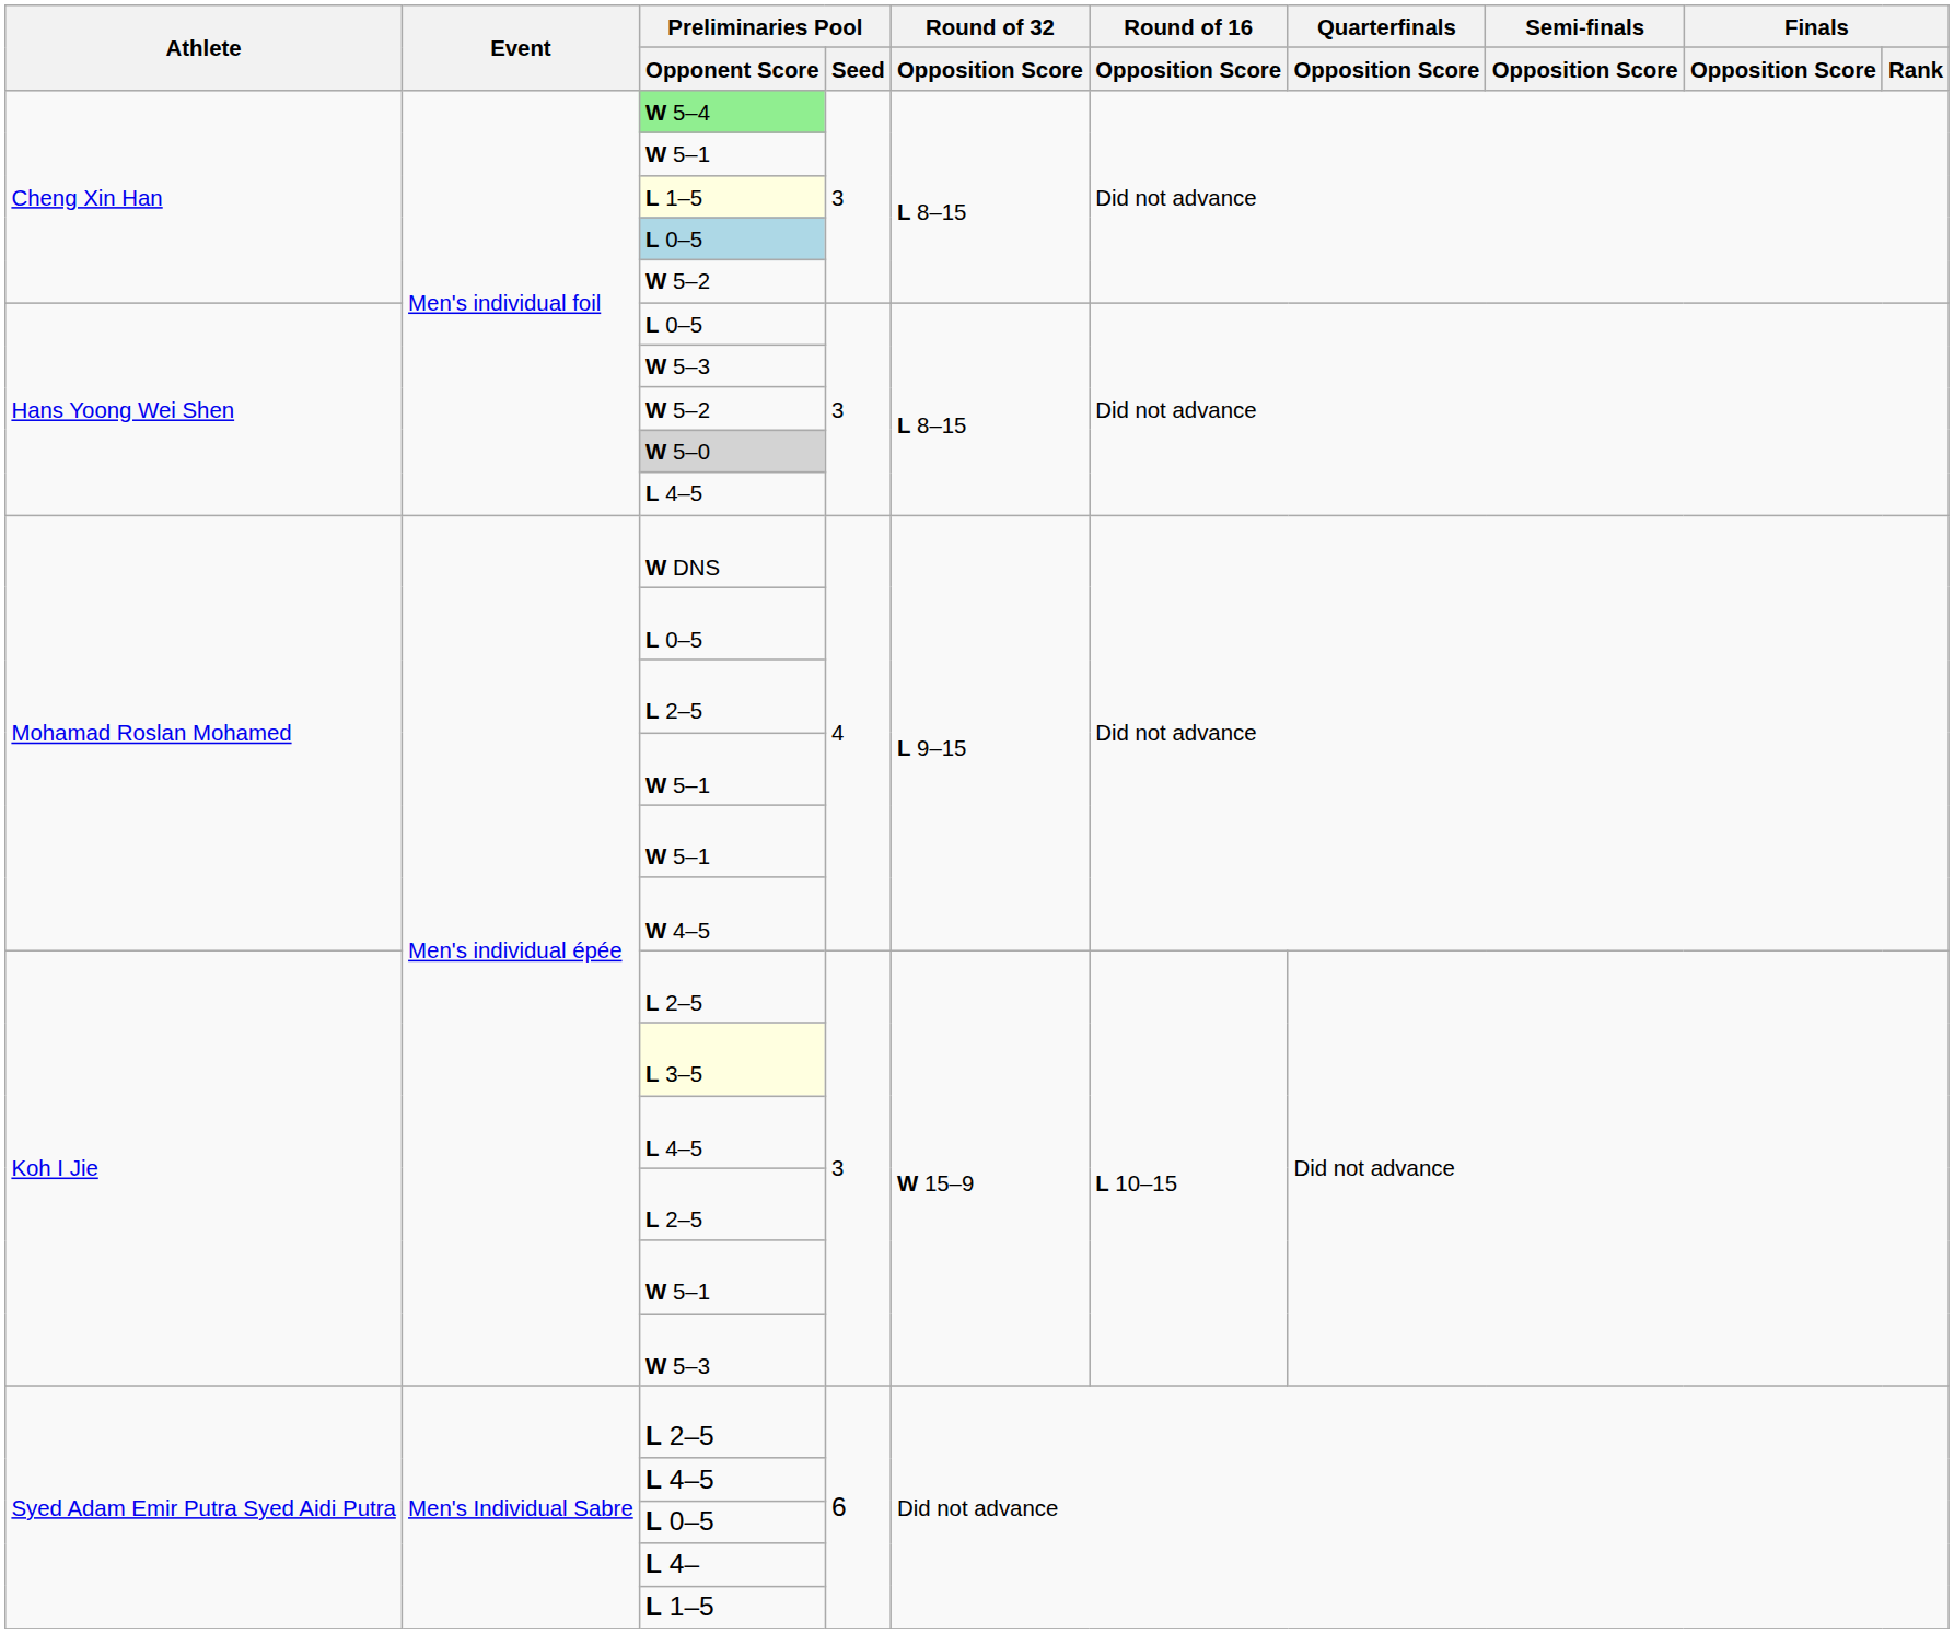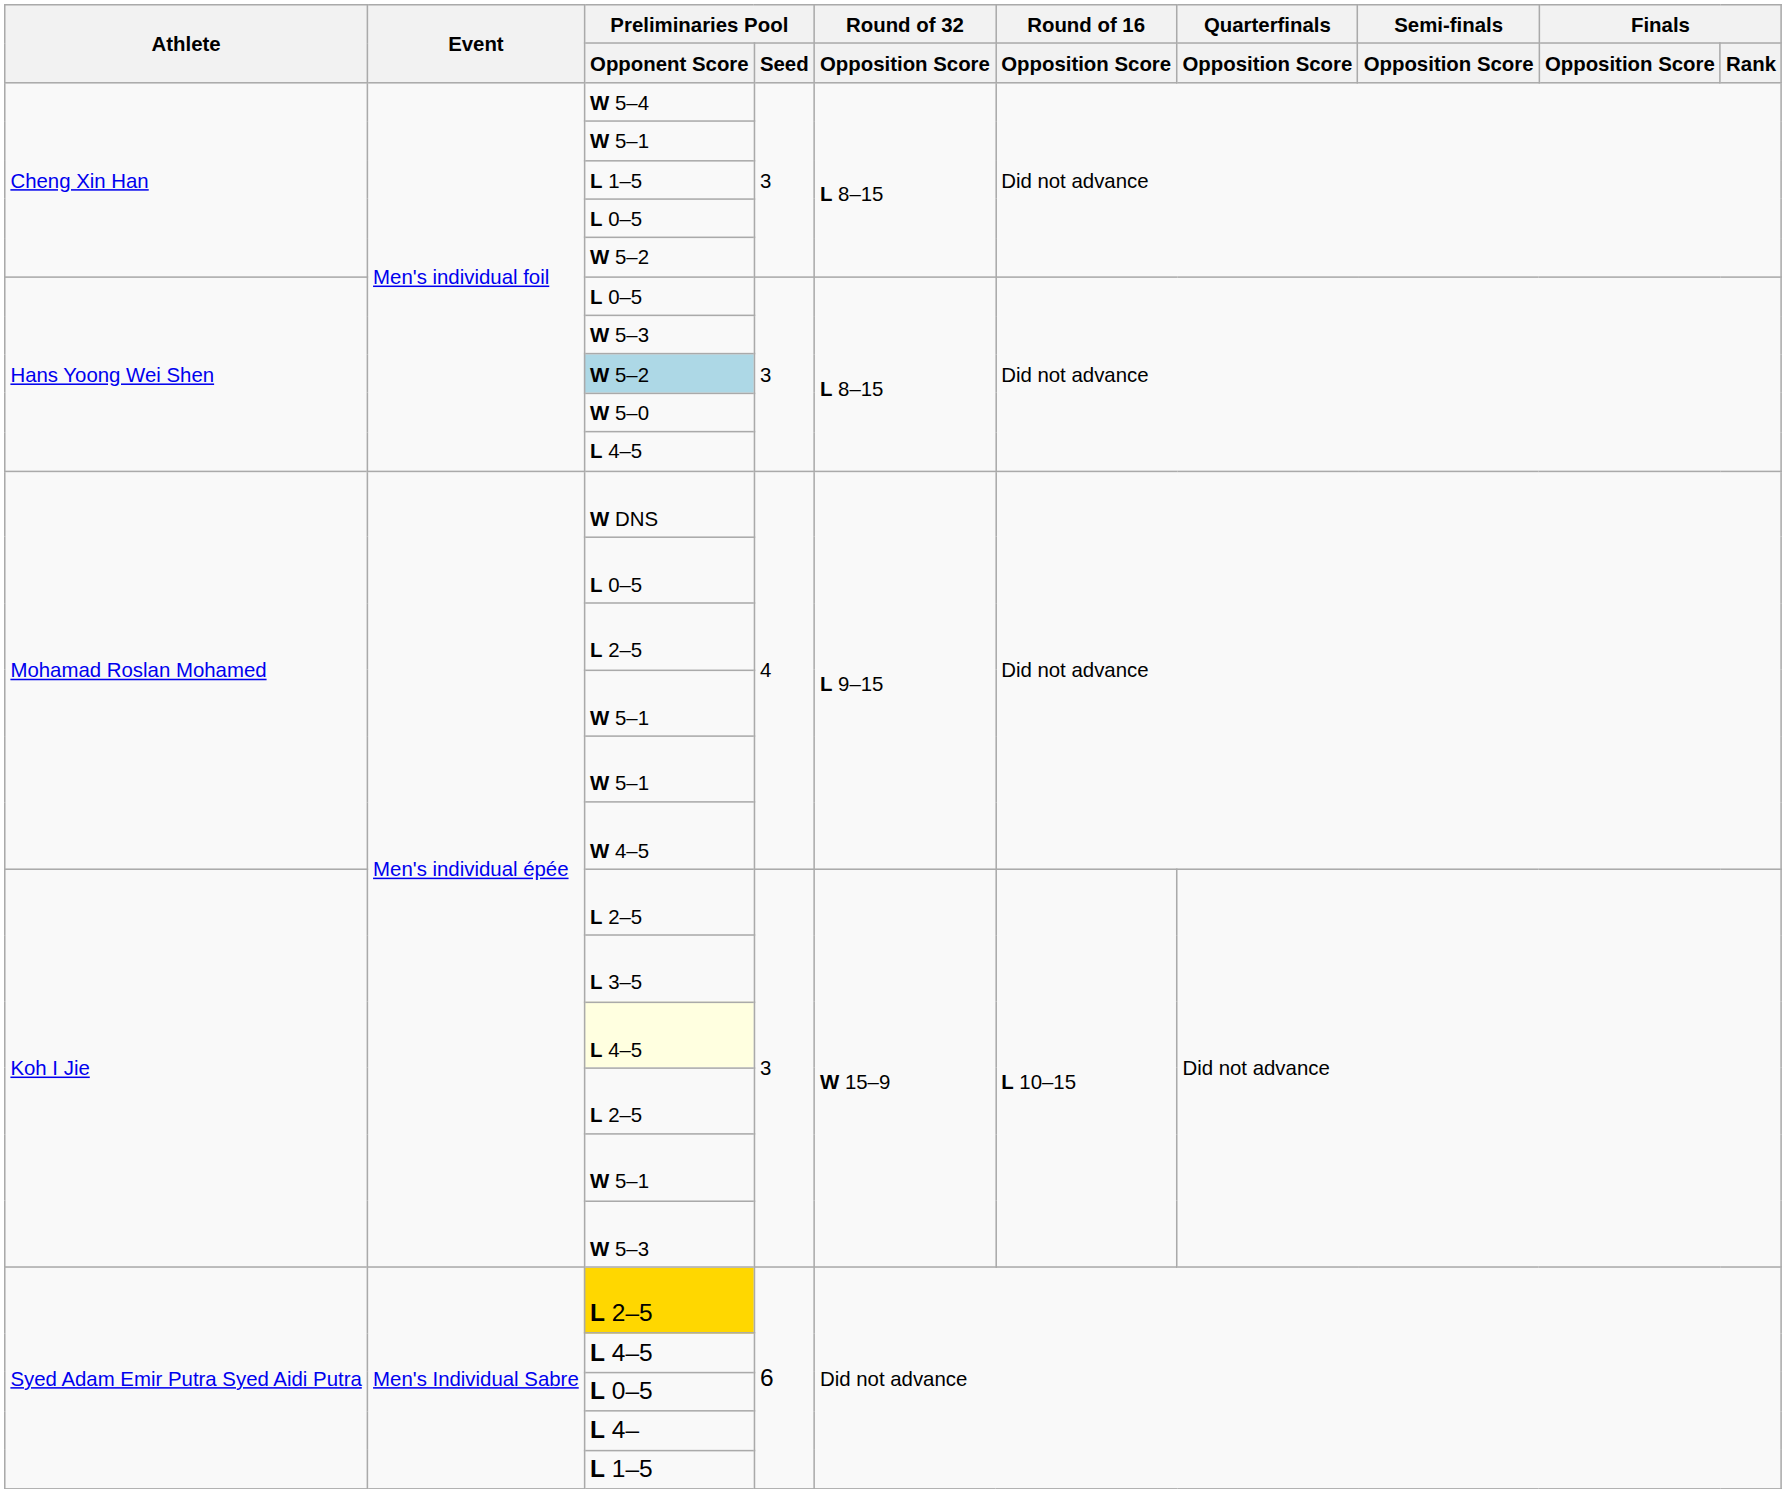 <table class="wikitable">
 <tr>
 <th rowspan="2"><small>Athlete</small></th>
 <th rowspan="2"><small>Event</small></th>
 <th colspan="2"><small>Preliminaries Pool</small></th>
 <th><small>Round of 32</small></th>
 <th><small>Round of 16</small></th>
 <th><small>Quarterfinals</small></th>
 <th><small>Semi-finals</small></th>
 <th colspan="2"><small>Finals</small></th>
 </tr>
 <tr>
 <th><small>Opponent Score</small></th>
 <th><small>Seed</small></th>
 <th><small>Opposition Score</small></th>
 <th><small>Opposition Score</small></th>
 <th><small>Opposition Score</small></th>
 <th><small>Opposition Score</small></th>
 <th><small>Opposition Score</small></th>
 <th><small>Rank</small></th>
 </tr>
 <tr>
 <td rowspan="5"><small><a href='#'>Cheng Xin Han</a></small></td>
 <td rowspan="10"><a href='#'><small>Men's individual foil</small></a></td>
-<td style="background: lightgreen;"><small>  <strong>W</strong> 5–4</small></td>
+<td><small>  <strong>W</strong> 5–4</small></td>
 <td rowspan="5"><small>3 <strong></strong></small></td>
 <td rowspan="5"><small></small><br><small><strong>L</strong> 8–15</small></td>
 <td colspan="5" rowspan="5"><small>Did not advance</small></td>
 </tr>
 <tr>
 <td><small> <strong>W</strong> 5–1</small></td>
 </tr>
 <tr>
-<td style="background: lightyellow;"><small> <strong>L</strong> 1–5</small></td>
+<td><small> <strong>L</strong> 1–5</small></td>
 </tr>
 <tr>
-<td style="background: lightblue;"><small> <strong>L</strong> 0–5</small></td>
+<td><small> <strong>L</strong> 0–5</small></td>
 </tr>
 <tr>
 <td><small> <strong>W</strong> 5–2</small></td>
 </tr>
 <tr>
 <td rowspan="5"><small><a href='#'>Hans Yoong Wei Shen</a></small></td>
 <td><small> <strong>L</strong> 0–5</small></td>
 <td rowspan="5"><small>3 <strong></strong></small></td>
 <td rowspan="5"><small></small><br><small><strong>L</strong> 8–15</small></td>
 <td colspan="5" rowspan="5"><small>Did not advance</small></td>
 </tr>
 <tr>
 <td><small> <strong>W</strong> 5–3</small></td>
 </tr>
 <tr>
-<td><small> <strong>W</strong> 5–2</small></td>
+<td style="background: lightblue;"><small> <strong>W</strong> 5–2</small></td>
 </tr>
 <tr>
-<td style="background: lightgrey;"><small> <strong>W</strong> 5–0</small></td>
+<td><small> <strong>W</strong> 5–0</small></td>
 </tr>
 <tr>
 <td><small> <strong>L</strong> 4–5</small></td>
 </tr>
 <tr>
 <td rowspan="6"><small><a href='#'>Mohamad Roslan Mohamed</a></small></td>
 <td rowspan="12"><a href='#'><small>Men's individual épée</small></a></td>
 <td><small></small><br><small><strong>W</strong>   DNS</small></td>
 <td rowspan="6"><small>4 <strong></strong></small></td>
 <td rowspan="6"><small></small><br><small><strong>L</strong> 9–15</small></td>
 <td colspan="5" rowspan="6"><small>Did not advance</small></td>
 </tr>
 <tr>
 <td><small></small><br><small><strong>L</strong> 0–5</small></td>
 </tr>
 <tr>
 <td><small></small><br><small><strong>L</strong> 2–5</small></td>
 </tr>
 <tr>
 <td><small></small><br><small><strong>W</strong> 5–1</small></td>
 </tr>
 <tr>
 <td><small></small><br><small><strong>W</strong> 5–1</small></td>
 </tr>
 <tr>
 <td><small></small><br><small><strong>W</strong> 4–5</small></td>
 </tr>
 <tr>
 <td rowspan="6"><small><a href='#'>Koh I Jie</a></small></td>
 <td><small></small><br><small><strong>L</strong> 2–5</small></td>
 <td rowspan="6"><small>3 <strong></strong></small></td>
 <td rowspan="6"><small></small><br><small><strong>W</strong> 15–9</small></td>
 <td rowspan="6"><small></small><br><small><strong>L</strong> 10–15</small></td>
 <td colspan="4" rowspan="6"><small>Did not advance</small></td>
 </tr>
 <tr>
-<td style="background: lightyellow;"><small></small><br><small><strong>L</strong> 3–5</small></td>
+<td><small></small><br><small><strong>L</strong> 3–5</small></td>
 </tr>
 <tr>
-<td><small></small><br><small><strong>L</strong> 4–5</small></td>
+<td style="background: lightyellow;"><small></small><br><small><strong>L</strong> 4–5</small></td>
 </tr>
 <tr>
 <td><small></small><br><small><strong>L</strong> 2–5</small></td>
 </tr>
 <tr>
 <td><small></small><br><small><strong>W</strong> 5–1</small></td>
 </tr>
 <tr>
 <td><small></small><br><small><strong>W</strong> 5–3</small></td>
 </tr>
 <tr>
 <td rowspan="5"><small><a href='#'>Syed Adam Emir Putra Syed Aidi Putra</a></small></td>
 <td rowspan="5"><a href='#'><small>Men's Individual Sabre</small></a></td>
-<td><small></small><br><strong>L</strong> 2–5</td>
+<td style="background: gold;"><small></small><br><strong>L</strong> 2–5</td>
 <td rowspan="5">6</td>
 <td colspan="6" rowspan="5"><small>Did not advance</small></td>
 </tr>
 <tr>
 <td><small></small><strong>L</strong> 4–5</td>
 </tr>
 <tr>
 <td><small></small><strong>L</strong> 0–5</td>
 </tr>
 <tr>
 <td><small></small><strong>L</strong> 4–</td>
 </tr>
 <tr>
 <td><small></small><strong>L</strong> 1–5</td>
 </tr>
 </table>
